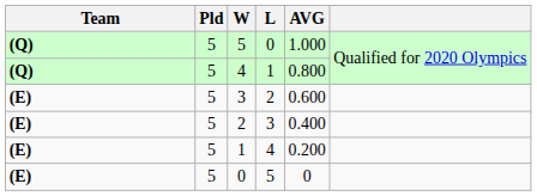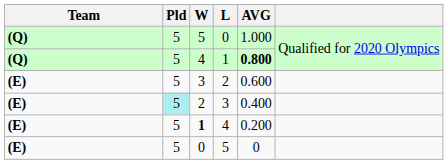 <table class="wikitable" style="text-align:center;">
 <tr>
 <th width=175>Team</th>
 <th width=20 abbr="Played">Pld</th>
 <th width=20 abbr="Won">W</th>
 <th width=20 abbr="Lost">L</th>
 <th width=30 abbr="Average">AVG</th>
 <th></th>
 </tr>
 <tr style="background:#ccffcc">
 <td align=left> <strong>(Q)</strong></td>
 <td>5</td>
 <td>5</td>
 <td>0</td>
 <td>1.000</td>
 <td rowspan="2">Qualified for <a href='#'>2020 Olympics</a></td>
 </tr>
 <tr style="background:#ccffcc">
 <td align=left> <strong>(Q)</strong></td>
 <td>5</td>
 <td>4</td>
 <td>1</td>
-<td>0.800</td>
+<td><strong>0.800</strong></td>
 </tr>
 <tr>
 <td align=left> <strong>(E)</strong></td>
 <td>5</td>
 <td>3</td>
 <td>2</td>
 <td>0.600</td>
 <td></td>
 </tr>
 <tr>
 <td align=left> <strong>(E)</strong></td>
-<td>5</td>
+<td style="background: paleturquoise;">5</td>
 <td>2</td>
 <td>3</td>
 <td>0.400</td>
 <td></td>
 </tr>
 <tr>
 <td align=left> <strong>(E)</strong></td>
 <td>5</td>
-<td>1</td>
+<td><strong>1</strong></td>
 <td>4</td>
 <td>0.200</td>
 <td></td>
 </tr>
 <tr>
 <td align=left> <strong>(E)</strong></td>
 <td>5</td>
 <td>0</td>
 <td>5</td>
 <td>0</td>
 <td></td>
 </tr>
 </table>
